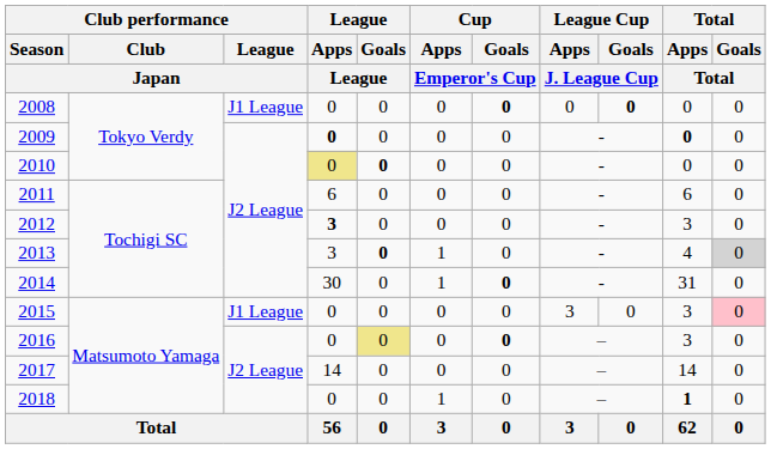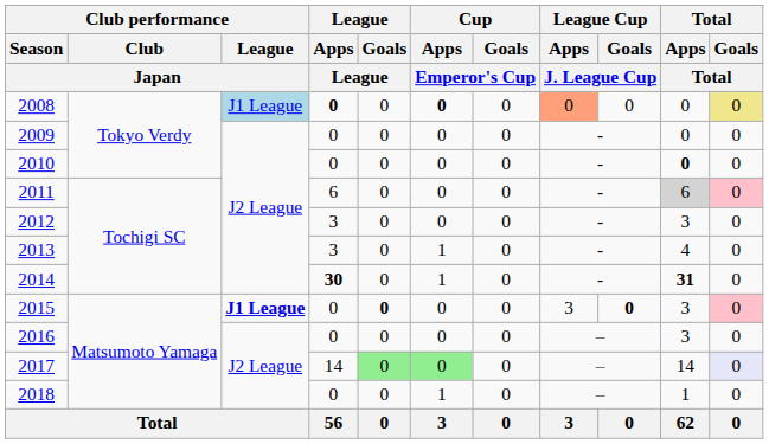 <table class="wikitable" style="text-align:center;">
 <tr>
 <th colspan=3>Club performance</th>
 <th colspan=2>League</th>
 <th colspan=2>Cup</th>
 <th colspan=2>League Cup</th>
 <th colspan=2>Total</th>
 </tr>
 <tr>
 <th>Season</th>
 <th>Club</th>
 <th>League</th>
 <th>Apps</th>
 <th>Goals</th>
 <th>Apps</th>
 <th>Goals</th>
 <th>Apps</th>
 <th>Goals</th>
 <th>Apps</th>
 <th>Goals</th>
 </tr>
 <tr>
 <th colspan=3>Japan</th>
 <th colspan=2>League</th>
 <th colspan=2><a href='#'>Emperor's Cup</a></th>
 <th colspan=2><a href='#'>J. League Cup</a></th>
 <th colspan=2>Total</th>
 </tr>
 <tr>
 <td><a href='#'>2008</a></td>
 <td rowspan="3"><a href='#'>Tokyo Verdy</a></td>
-<td><a href='#'>J1 League</a></td>
-<td>0</td>
-<td>0</td>
-<td>0</td>
+<td style="background: lightblue;"><a href='#'>J1 League</a></td>
 <td><strong>0</strong></td>
 <td>0</td>
 <td><strong>0</strong></td>
 <td>0</td>
+<td style="background: lightsalmon;">0</td>
 <td>0</td>
+<td>0</td>
+<td style="background: khaki;">0</td>
 </tr>
 <tr>
 <td><a href='#'>2009</a></td>
 <td rowspan="6"><a href='#'>J2 League</a></td>
-<td><strong>0</strong></td>
+<td>0</td>
+<td>0</td>
+<td>0</td>
+<td>0</td>
+<td colspan="2">-</td>
+<td>0</td>
+<td>0</td>
+</tr>
+<tr>
+<td><a href='#'>2010</a></td>
+<td>0</td>
 <td>0</td>
 <td>0</td>
 <td>0</td>
 <td colspan="2">-</td>
 <td><strong>0</strong></td>
-<td>0</td>
-</tr>
-<tr>
-<td><a href='#'>2010</a></td>
-<td style="background: khaki;">0</td>
-<td><strong>0</strong></td>
-<td>0</td>
-<td>0</td>
-<td colspan="2">-</td>
-<td>0</td>
 <td>0</td>
 </tr>
 <tr>
 <td><a href='#'>2011</a></td>
 <td rowspan="4"><a href='#'>Tochigi SC</a></td>
 <td>6</td>
 <td>0</td>
 <td>0</td>
 <td>0</td>
 <td colspan="2">-</td>
-<td>6</td>
-<td>0</td>
+<td style="background: lightgrey;">6</td>
+<td style="background: pink;">0</td>
 </tr>
 <tr>
 <td><a href='#'>2012</a></td>
-<td><strong>3</strong></td>
+<td>3</td>
 <td>0</td>
 <td>0</td>
 <td>0</td>
 <td colspan="2">-</td>
 <td>3</td>
 <td>0</td>
 </tr>
 <tr>
 <td><a href='#'>2013</a></td>
 <td>3</td>
-<td><strong>0</strong></td>
+<td>0</td>
 <td>1</td>
 <td>0</td>
 <td colspan="2">-</td>
 <td>4</td>
-<td style="background: lightgrey;">0</td>
+<td>0</td>
 </tr>
 <tr>
 <td><a href='#'>2014</a></td>
-<td>30</td>
+<td><strong>30</strong></td>
 <td>0</td>
 <td>1</td>
-<td><strong>0</strong></td>
+<td>0</td>
 <td colspan="2">-</td>
-<td>31</td>
+<td><strong>31</strong></td>
 <td>0</td>
 </tr>
 <tr>
 <td><a href='#'>2015</a></td>
 <td rowspan="4"><a href='#'>Matsumoto Yamaga</a></td>
-<td><a href='#'>J1 League</a></td>
+<td><strong><a href='#'>J1 League</a></strong></td>
 <td>0</td>
-<td>0</td>
+<td><strong>0</strong></td>
 <td>0</td>
 <td>0</td>
 <td>3</td>
-<td>0</td>
+<td><strong>0</strong></td>
 <td>3</td>
 <td style="background: pink;">0</td>
 </tr>
 <tr>
 <td><a href='#'>2016</a></td>
 <td rowspan="3"><a href='#'>J2 League</a></td>
 <td>0</td>
-<td style="background: khaki;">0</td>
 <td>0</td>
-<td><strong>0</strong></td>
+<td>0</td>
+<td>0</td>
 <td colspan="2">–</td>
 <td>3</td>
 <td>0</td>
 </tr>
 <tr>
 <td><a href='#'>2017</a></td>
 <td>14</td>
-<td>0</td>
-<td>0</td>
+<td style="background: lightgreen;">0</td>
+<td style="background: lightgreen;">0</td>
 <td>0</td>
 <td colspan="2">–</td>
 <td>14</td>
-<td>0</td>
+<td style="background: lavender;">0</td>
 </tr>
 <tr>
 <td><a href='#'>2018</a></td>
 <td>0</td>
 <td>0</td>
 <td>1</td>
 <td>0</td>
 <td colspan="2">–</td>
-<td><strong>1</strong></td>
+<td>1</td>
 <td>0</td>
 </tr>
 <tr>
 <th colspan=3>Total</th>
 <th>56</th>
 <th>0</th>
 <th>3</th>
 <th>0</th>
 <th>3</th>
 <th>0</th>
 <th>62</th>
 <th>0</th>
 </tr>
 </table>
